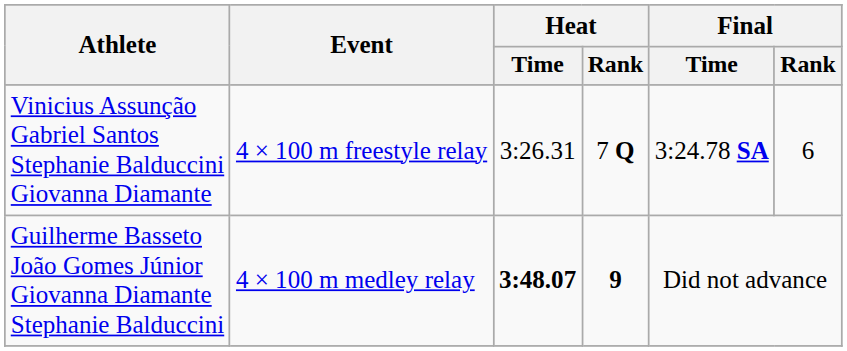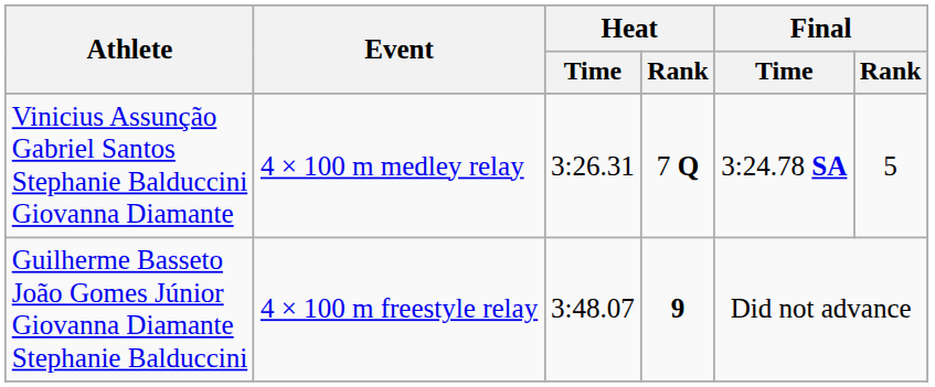 <table class=wikitable style="font-size:90%">
 <tr>
 <th rowspan="2">Athlete</th>
 <th rowspan="2">Event</th>
 <th colspan="2">Heat</th>
 <th colspan="2">Final</th>
 </tr>
 <tr style="font-size:95%">
 <th>Time</th>
 <th>Rank</th>
 <th>Time</th>
 <th>Rank</th>
 </tr>
 <tr align=center>
 <td align=left><a href='#'>Vinicius Assunção</a><br><a href='#'>Gabriel Santos</a><br><a href='#'>Stephanie Balduccini</a><br><a href='#'>Giovanna Diamante</a></td>
-<td align=left><a href='#'>4 × 100 m freestyle relay</a></td>
+<td align=left><a href='#'>4 × 100 m medley relay</a></td>
 <td>3:26.31</td>
 <td>7 <strong>Q</strong></td>
 <td>3:24.78 <strong><a href='#'>SA</a></strong></td>
-<td>6</td>
+<td>5</td>
 </tr>
 <tr align=center>
 <td align=left><a href='#'>Guilherme Basseto</a><br><a href='#'>João Gomes Júnior</a><br><a href='#'>Giovanna Diamante</a><br><a href='#'>Stephanie Balduccini</a></td>
-<td align=left><a href='#'>4 × 100 m medley relay</a></td>
-<td><strong>3:48.07</strong></td>
+<td align=left><a href='#'>4 × 100 m freestyle relay</a></td>
+<td>3:48.07</td>
 <td><strong>9</strong></td>
 <td colspan="2">Did not advance</td>
 </tr>
 </table>
